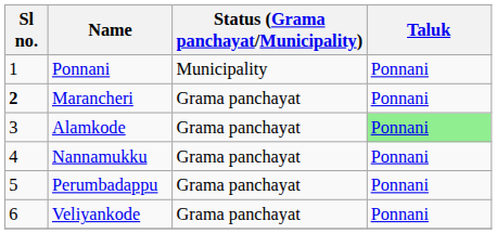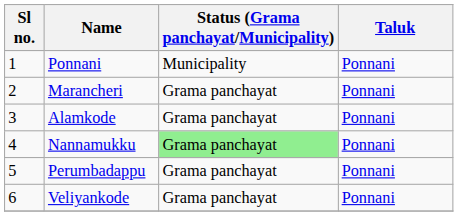 <table class="wikitable sortable" style="font-size: 95%">
 <tr>
 <th width="30px">Sl no.</th>
 <th width="100px">Name</th>
 <th width="130px">Status (<a href='#'>Grama panchayat</a>/<a href='#'>Municipality</a>)</th>
 <th width="100px"><a href='#'>Taluk</a></th>
 </tr>
 <tr>
 <td>1</td>
 <td><a href='#'>Ponnani</a></td>
 <td>Municipality</td>
 <td><a href='#'>Ponnani</a></td>
 </tr>
 <tr>
-<td><strong>2</strong></td>
+<td>2</td>
 <td><a href='#'>Marancheri</a></td>
 <td>Grama panchayat</td>
 <td><a href='#'>Ponnani</a></td>
 </tr>
 <tr>
 <td>3</td>
 <td><a href='#'>Alamkode</a></td>
 <td>Grama panchayat</td>
-<td style="background: lightgreen;"><a href='#'>Ponnani</a></td>
+<td><a href='#'>Ponnani</a></td>
 </tr>
 <tr>
 <td>4</td>
 <td><a href='#'>Nannamukku</a></td>
-<td>Grama panchayat</td>
+<td style="background: lightgreen;">Grama panchayat</td>
 <td><a href='#'>Ponnani</a></td>
 </tr>
 <tr>
 <td>5</td>
 <td><a href='#'>Perumbadappu</a></td>
 <td>Grama panchayat</td>
 <td><a href='#'>Ponnani</a></td>
 </tr>
 <tr>
 <td>6</td>
 <td><a href='#'>Veliyankode</a></td>
 <td>Grama panchayat</td>
 <td><a href='#'>Ponnani</a></td>
 </tr>
 <tr>
 </tr>
 </table>
